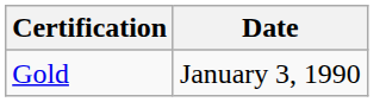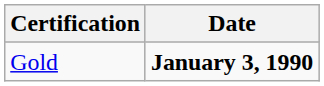 <table class="wikitable">
 <tr>
 <th>Certification</th>
 <th>Date</th>
 </tr>
 <tr>
 <td><a href='#'>Gold</a></td>
-<td>January 3, 1990</td>
+<td><strong>January 3, 1990</strong></td>
 </tr>
 </table>
